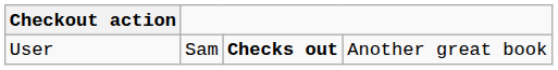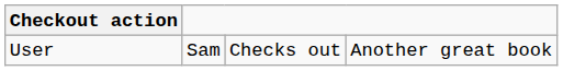 <table class="wikitable">
 <tr>
 <th>Checkout action</th>
 </tr>
 <tr>
 <td>User</td>
 <td>Sam</td>
-<td><strong>Checks out</strong></td>
+<td>Checks out</td>
 <td>Another great book</td>
 </tr>
 </table>
